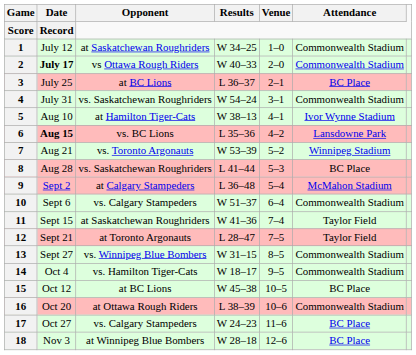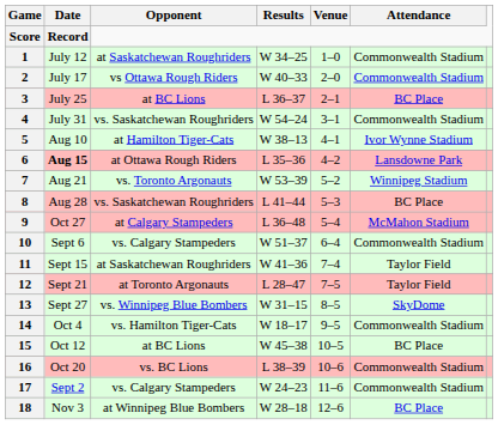 <table class="wikitable" style="text-align:center">
 <tr>
 <th>Game</th>
 <th>Date</th>
 <th>Opponent</th>
 <th>Results</th>
 <th>Venue</th>
 <th>Attendance</th>
 </tr>
 <tr>
 <th>Score</th>
 <th>Record</th>
 </tr>
 <tr style="background:#ddffdd">
 <th>1</th>
 <td>July 12</td>
 <td>at <a href='#'>Saskatchewan Roughriders</a></td>
 <td>W 34–25</td>
 <td>1–0</td>
 <td>Commonwealth Stadium</td>
 <td></td>
 </tr>
 <tr style="background:#ddffdd">
 <th>2</th>
-<td><strong>July 17</strong></td>
+<td>July 17</td>
 <td>vs <a href='#'>Ottawa Rough Riders</a></td>
 <td>W 40–33</td>
 <td>2–0</td>
 <td><a href='#'>Commonwealth Stadium</a></td>
 <td></td>
 </tr>
 <tr style="background:#ffbbbb">
 <th>3</th>
 <td>July 25</td>
 <td>at <a href='#'>BC Lions</a></td>
 <td>L 36–37</td>
 <td>2–1</td>
 <td><a href='#'>BC Place</a></td>
 <td></td>
 </tr>
 <tr style="background:#ddffdd">
 <th>4</th>
 <td>July 31</td>
 <td>vs. Saskatchewan Roughriders</td>
 <td>W 54–24</td>
 <td>3–1</td>
 <td>Commonwealth Stadium</td>
 <td></td>
 </tr>
 <tr style="background:#ddffdd">
 <th>5</th>
 <td>Aug 10</td>
 <td>at <a href='#'>Hamilton Tiger-Cats</a></td>
 <td>W 38–13</td>
 <td>4–1</td>
 <td><a href='#'>Ivor Wynne Stadium</a></td>
 <td></td>
 </tr>
 <tr style="background:#ffbbbb">
 <th>6</th>
 <td><strong>Aug 15</strong></td>
-<td>vs. BC Lions</td>
+<td>at Ottawa Rough Riders</td>
 <td>L 35–36</td>
 <td>4–2</td>
 <td><a href='#'>Lansdowne Park</a></td>
 <td></td>
 </tr>
 <tr style="background:#ddffdd">
 <th>7</th>
 <td>Aug 21</td>
 <td>vs. <a href='#'>Toronto Argonauts</a></td>
 <td>W 53–39</td>
 <td>5–2</td>
 <td><a href='#'>Winnipeg Stadium</a></td>
 <td></td>
 </tr>
 <tr style="background:#ffbbbb">
 <th>8</th>
 <td>Aug 28</td>
 <td>vs. Saskatchewan Roughriders</td>
 <td>L 41–44</td>
 <td>5–3</td>
 <td>BC Place</td>
 <td></td>
 </tr>
 <tr style="background:#ffbbbb">
 <th>9</th>
-<td><a href='#'>Sept 2</a></td>
+<td>Oct 27</td>
 <td>at <a href='#'>Calgary Stampeders</a></td>
 <td>L 36–48</td>
 <td>5–4</td>
 <td><a href='#'>McMahon Stadium</a></td>
 <td></td>
 </tr>
 <tr style="background:#ddffdd">
 <th>10</th>
 <td>Sept 6</td>
 <td>vs. Calgary Stampeders</td>
 <td>W 51–37</td>
 <td>6–4</td>
 <td>Commonwealth Stadium</td>
 <td></td>
 </tr>
 <tr style="background:#ddffdd">
 <th>11</th>
 <td>Sept 15</td>
 <td>at Saskatchewan Roughriders</td>
 <td>W 41–36</td>
 <td>7–4</td>
 <td>Taylor Field</td>
 <td></td>
 </tr>
 <tr style="background:#ffbbbb">
 <th>12</th>
 <td>Sept 21</td>
 <td>at Toronto Argonauts</td>
 <td>L 28–47</td>
 <td>7–5</td>
 <td>Taylor Field</td>
 <td></td>
 </tr>
 <tr style="background:#ddffdd">
 <th>13</th>
 <td>Sept 27</td>
 <td>vs. <a href='#'>Winnipeg Blue Bombers</a></td>
 <td>W 31–15</td>
 <td>8–5</td>
-<td>Commonwealth Stadium</td>
+<td><a href='#'>SkyDome</a></td>
 <td></td>
 </tr>
 <tr style="background:#ddffdd">
 <th>14</th>
 <td>Oct 4</td>
 <td>vs. Hamilton Tiger-Cats</td>
 <td>W 18–17</td>
 <td>9–5</td>
 <td>Commonwealth Stadium</td>
 <td></td>
 </tr>
 <tr style="background:#ddffdd">
 <th>15</th>
 <td>Oct 12</td>
 <td>at BC Lions</td>
 <td>W 45–38 </td>
 <td>10–5</td>
 <td>BC Place</td>
 <td></td>
 </tr>
 <tr style="background:#ffbbbb">
 <th>16</th>
 <td>Oct 20</td>
-<td>at Ottawa Rough Riders</td>
+<td>vs. BC Lions</td>
 <td>L 38–39 </td>
 <td>10–6</td>
 <td>Commonwealth Stadium</td>
 <td></td>
 </tr>
 <tr style="background:#ddffdd">
 <th>17</th>
-<td>Oct 27</td>
+<td><a href='#'>Sept 2</a></td>
 <td>vs. Calgary Stampeders</td>
 <td>W 24–23</td>
 <td>11–6</td>
-<td><a href='#'>BC Place</a></td>
+<td>Commonwealth Stadium</td>
 <td></td>
 </tr>
 <tr style="background:#ddffdd">
 <th>18</th>
 <td>Nov 3</td>
 <td>at Winnipeg Blue Bombers</td>
 <td>W 28–18</td>
 <td>12–6</td>
 <td><a href='#'>BC Place</a></td>
 <td></td>
 </tr>
 </table>
